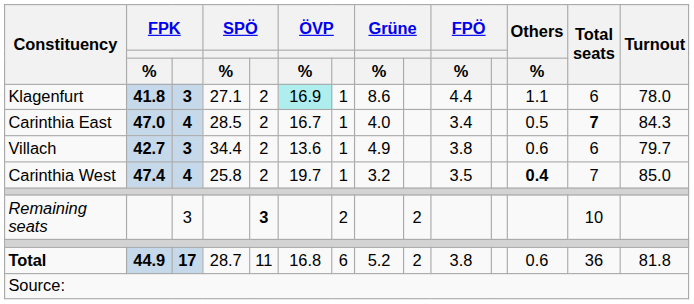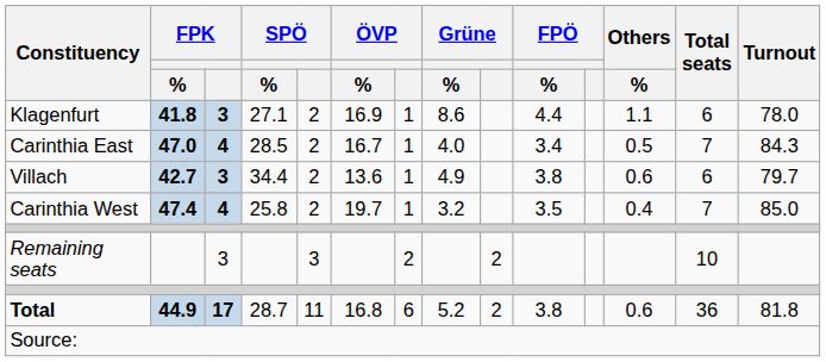 <table class="wikitable" style="text-align:center;font-size:90%;line-height:16px">
 <tr style="height:40px;">
 <th style="width:100px;" rowspan="3">Constituency</th>
 <th style="width:60px;" colspan="2"><a href='#'>FPK</a></th>
 <th style="width:60px;" colspan="2"><a href='#'>SPÖ</a></th>
 <th style="width:60px;" colspan="2"><a href='#'>ÖVP</a></th>
 <th style="width:60px;" colspan="2"><a href='#'>Grüne</a></th>
 <th style="width:60px;" colspan="2"><a href='#'>FPÖ</a></th>
 <th class="unsortable" style="width:40px;" rowspan="2">Others</th>
 <th class="unsortable" style="width:40px;" rowspan="3">Total<br>seats</th>
 <th class="unsortable" style="width:40px;" rowspan="3">Turnout</th>
 </tr>
 <tr>
 <th colspan="2" style="background:"></th>
 <th colspan="2" style="background:"></th>
 <th colspan="2" style="background:"></th>
 <th colspan="2" style="background:"></th>
 <th colspan="2" style="background:"></th>
 </tr>
 <tr>
 <th class=unsortable>%</th>
 <th class=unsortable></th>
 <th class=unsortable>%</th>
 <th class=unsortable></th>
 <th class=unsortable>%</th>
 <th class=unsortable></th>
 <th class=unsortable>%</th>
 <th class=unsortable></th>
 <th class=unsortable>%</th>
 <th class=unsortable></th>
 <th class=unsortable>%</th>
 </tr>
 <tr>
 <td align=left>Klagenfurt</td>
 <td bgcolor=#C6D9EA><strong>41.8</strong></td>
 <td bgcolor=#C6D9EA><strong>3</strong></td>
 <td>27.1</td>
 <td>2</td>
-<td style="background: paleturquoise;">16.9</td>
+<td>16.9</td>
 <td>1</td>
 <td>8.6</td>
 <td></td>
 <td>4.4</td>
 <td></td>
 <td>1.1</td>
 <td>6</td>
 <td>78.0</td>
 </tr>
 <tr>
 <td align=left>Carinthia East</td>
 <td bgcolor=#C6D9EA><strong>47.0</strong></td>
 <td bgcolor=#C6D9EA><strong>4</strong></td>
 <td>28.5</td>
 <td>2</td>
 <td>16.7</td>
 <td>1</td>
 <td>4.0</td>
 <td></td>
 <td>3.4</td>
 <td></td>
 <td>0.5</td>
-<td><strong>7</strong></td>
+<td>7</td>
 <td>84.3</td>
 </tr>
 <tr>
 <td align=left>Villach</td>
 <td bgcolor=#C6D9EA><strong>42.7</strong></td>
 <td bgcolor=#C6D9EA><strong>3</strong></td>
 <td>34.4</td>
 <td>2</td>
 <td>13.6</td>
 <td>1</td>
 <td>4.9</td>
 <td></td>
 <td>3.8</td>
 <td></td>
 <td>0.6</td>
 <td>6</td>
 <td>79.7</td>
 </tr>
 <tr>
 <td align=left>Carinthia West</td>
 <td bgcolor=#C6D9EA><strong>47.4</strong></td>
 <td bgcolor=#C6D9EA><strong>4</strong></td>
 <td>25.8</td>
 <td>2</td>
 <td>19.7</td>
 <td>1</td>
 <td>3.2</td>
 <td></td>
 <td>3.5</td>
 <td></td>
-<td><strong>0.4</strong></td>
+<td>0.4</td>
 <td>7</td>
 <td>85.0</td>
 </tr>
 <tr>
 <td colspan=14 bgcolor=lightgrey></td>
 </tr>
 <tr>
 <td align=left><em>Remaining seats</em></td>
 <td></td>
 <td>3</td>
 <td></td>
-<td><strong>3</strong></td>
+<td>3</td>
 <td></td>
 <td>2</td>
 <td></td>
 <td>2</td>
 <td></td>
 <td></td>
 <td></td>
 <td>10</td>
 <td></td>
 </tr>
 <tr>
 <td colspan=14 bgcolor=lightgrey></td>
 </tr>
 <tr>
 <td align=left><strong>Total</strong></td>
 <td bgcolor=#C6D9EA><strong>44.9</strong></td>
 <td bgcolor=#C6D9EA><strong>17</strong></td>
 <td>28.7</td>
 <td>11</td>
 <td>16.8</td>
 <td>6</td>
 <td>5.2</td>
 <td>2</td>
 <td>3.8</td>
 <td></td>
 <td>0.6</td>
 <td>36</td>
 <td>81.8</td>
 </tr>
 <tr class=sortbottom>
 <td colspan=14 align=left>Source: </td>
 </tr>
 </table>
